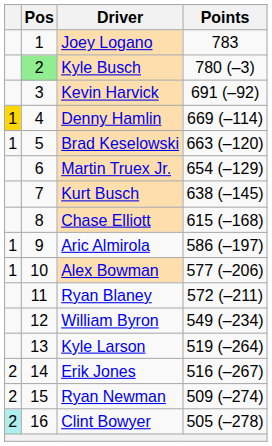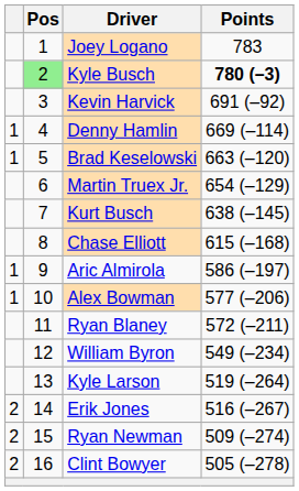 <table class="wikitable" style="font-size: 95%">
 <tr>
 <th></th>
 <th>Pos</th>
 <th>Driver</th>
 <th>Points</th>
 </tr>
 <tr>
 <td align="left"></td>
 <td style="text-align:center;">1</td>
 <td style="background:#FFDEAD;"><a href='#'>Joey Logano</a></td>
 <td style="text-align:center;">783</td>
 </tr>
 <tr>
 <td align="left"></td>
 <td style="background: lightgreen; text-align:center;">2</td>
 <td style="background:#FFDEAD;"><a href='#'>Kyle Busch</a></td>
-<td style="text-align:center;">780 (–3)</td>
+<td style="text-align:center;"><strong>780 (–3)</strong></td>
 </tr>
 <tr>
 <td align="left"></td>
 <td style="text-align:center;">3</td>
 <td style="background:#FFDEAD;"><a href='#'>Kevin Harvick</a></td>
 <td style="text-align:center;">691 (–92)</td>
 </tr>
 <tr>
-<td align="left" style="background: gold;"> 1</td>
+<td align="left"> 1</td>
 <td style="text-align:center;">4</td>
 <td style="background:#FFDEAD;"><a href='#'>Denny Hamlin</a></td>
 <td style="text-align:center;">669 (–114)</td>
 </tr>
 <tr>
 <td align="left"> 1</td>
 <td style="text-align:center;">5</td>
 <td style="background:#FFDEAD;"><a href='#'>Brad Keselowski</a></td>
 <td style="text-align:center;">663 (–120)</td>
 </tr>
 <tr>
 <td align="left"></td>
 <td style="text-align:center;">6</td>
 <td style="background:#FFDEAD;"><a href='#'>Martin Truex Jr.</a></td>
 <td style="text-align:center;">654 (–129)</td>
 </tr>
 <tr>
 <td align="left"></td>
 <td style="text-align:center;">7</td>
 <td style="background:#FFDEAD;"><a href='#'>Kurt Busch</a></td>
 <td style="text-align:center;">638 (–145)</td>
 </tr>
 <tr>
 <td align="left"></td>
 <td style="text-align:center;">8</td>
 <td style="background:#FFDEAD;"><a href='#'>Chase Elliott</a></td>
 <td style="text-align:center;">615 (–168)</td>
 </tr>
 <tr>
 <td align="left"> 1</td>
 <td style="text-align:center;">9</td>
 <td><a href='#'>Aric Almirola</a></td>
 <td style="text-align:center;">586 (–197)</td>
 </tr>
 <tr>
 <td align="left"> 1</td>
 <td style="text-align:center;">10</td>
 <td style="background:#FFDEAD;"><a href='#'>Alex Bowman</a></td>
 <td style="text-align:center;">577 (–206)</td>
 </tr>
 <tr>
 <td align="left"></td>
 <td style="text-align:center;">11</td>
 <td><a href='#'>Ryan Blaney</a></td>
 <td style="text-align:center;">572 (–211)</td>
 </tr>
 <tr>
 <td align="left"></td>
 <td style="text-align:center;">12</td>
 <td><a href='#'>William Byron</a></td>
 <td style="text-align:center;">549 (–234)</td>
 </tr>
 <tr>
 <td align="left"></td>
 <td style="text-align:center;">13</td>
 <td><a href='#'>Kyle Larson</a></td>
 <td style="text-align:center;">519 (–264)</td>
 </tr>
 <tr>
 <td align="left"> 2</td>
 <td style="text-align:center;">14</td>
 <td><a href='#'>Erik Jones</a></td>
 <td style="text-align:center;">516 (–267)</td>
 </tr>
 <tr>
 <td align="left"> 2</td>
 <td style="text-align:center;">15</td>
 <td><a href='#'>Ryan Newman</a></td>
 <td style="text-align:center;">509 (–274)</td>
 </tr>
 <tr>
-<td align="left" style="background: paleturquoise;"> 2</td>
+<td align="left"> 2</td>
 <td style="text-align:center;">16</td>
 <td><a href='#'>Clint Bowyer</a></td>
 <td style="text-align:center;">505 (–278)</td>
 </tr>
 <tr class="sortbottom">
 <th colspan="9"></th>
 </tr>
 </table>
